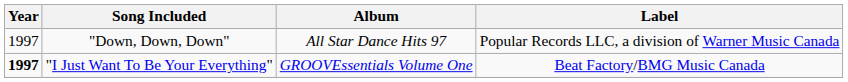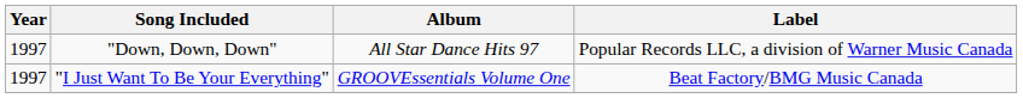 <table class="wikitable" style="text-align:center;">
 <tr>
 <th>Year</th>
 <th>Song Included</th>
 <th>Album</th>
 <th>Label</th>
 </tr>
 <tr>
 <td>1997</td>
 <td>"Down, Down, Down"</td>
 <td><em>All Star Dance Hits 97</em></td>
 <td>Popular Records LLC, a division of <a href='#'>Warner Music Canada</a></td>
 </tr>
 <tr>
-<td><strong>1997</strong></td>
+<td>1997</td>
 <td>"<a href='#'>I Just Want To Be Your Everything</a>"</td>
 <td><em><a href='#'>GROOVEssentials Volume One</a></em></td>
 <td><a href='#'>Beat Factory</a>/<a href='#'>BMG Music Canada</a></td>
 </tr>
 <tr>
 </tr>
 </table>
